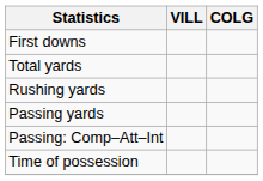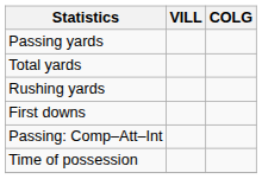 <table class="wikitable" style="float: left;">
 <tr>
 <th>Statistics</th>
 <th>VILL</th>
 <th>COLG</th>
 </tr>
 <tr>
-<td>First downs</td>
+<td>Passing yards</td>
 <td></td>
 <td></td>
 </tr>
 <tr>
 <td>Total yards</td>
 <td></td>
 <td></td>
 </tr>
 <tr>
 <td>Rushing yards</td>
 <td></td>
 <td></td>
 </tr>
 <tr>
-<td>Passing yards</td>
+<td>First downs</td>
 <td></td>
 <td></td>
 </tr>
 <tr>
 <td>Passing: Comp–Att–Int</td>
 <td></td>
 <td></td>
 </tr>
 <tr>
 <td>Time of possession</td>
 <td></td>
 <td></td>
 </tr>
 <tr>
 </tr>
 </table>
